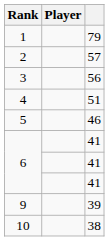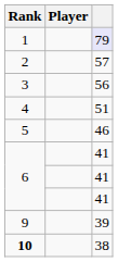 <table class=wikitable style="text-align:center">
 <tr>
 <th>Rank</th>
 <th>Player</th>
 <th></th>
 </tr>
 <tr>
 <td>1</td>
 <td align=left></td>
-<td>79</td>
+<td style="background: lavender;">79</td>
 </tr>
 <tr>
 <td>2</td>
 <td align=left></td>
 <td>57</td>
 </tr>
 <tr>
 <td>3</td>
 <td align=left></td>
 <td>56</td>
 </tr>
 <tr>
 <td>4</td>
 <td align=left></td>
 <td>51</td>
 </tr>
 <tr>
 <td>5</td>
 <td align=left></td>
 <td>46</td>
 </tr>
 <tr>
 <td rowspan=3>6</td>
 <td align=left></td>
 <td>41</td>
 </tr>
 <tr>
 <td align=left></td>
 <td>41</td>
 </tr>
 <tr>
 <td align=left></td>
 <td>41</td>
 </tr>
 <tr>
 <td>9</td>
 <td align=left></td>
 <td>39</td>
 </tr>
 <tr>
-<td>10</td>
+<td><strong>10</strong></td>
 <td align=left></td>
 <td>38</td>
 </tr>
 </table>
